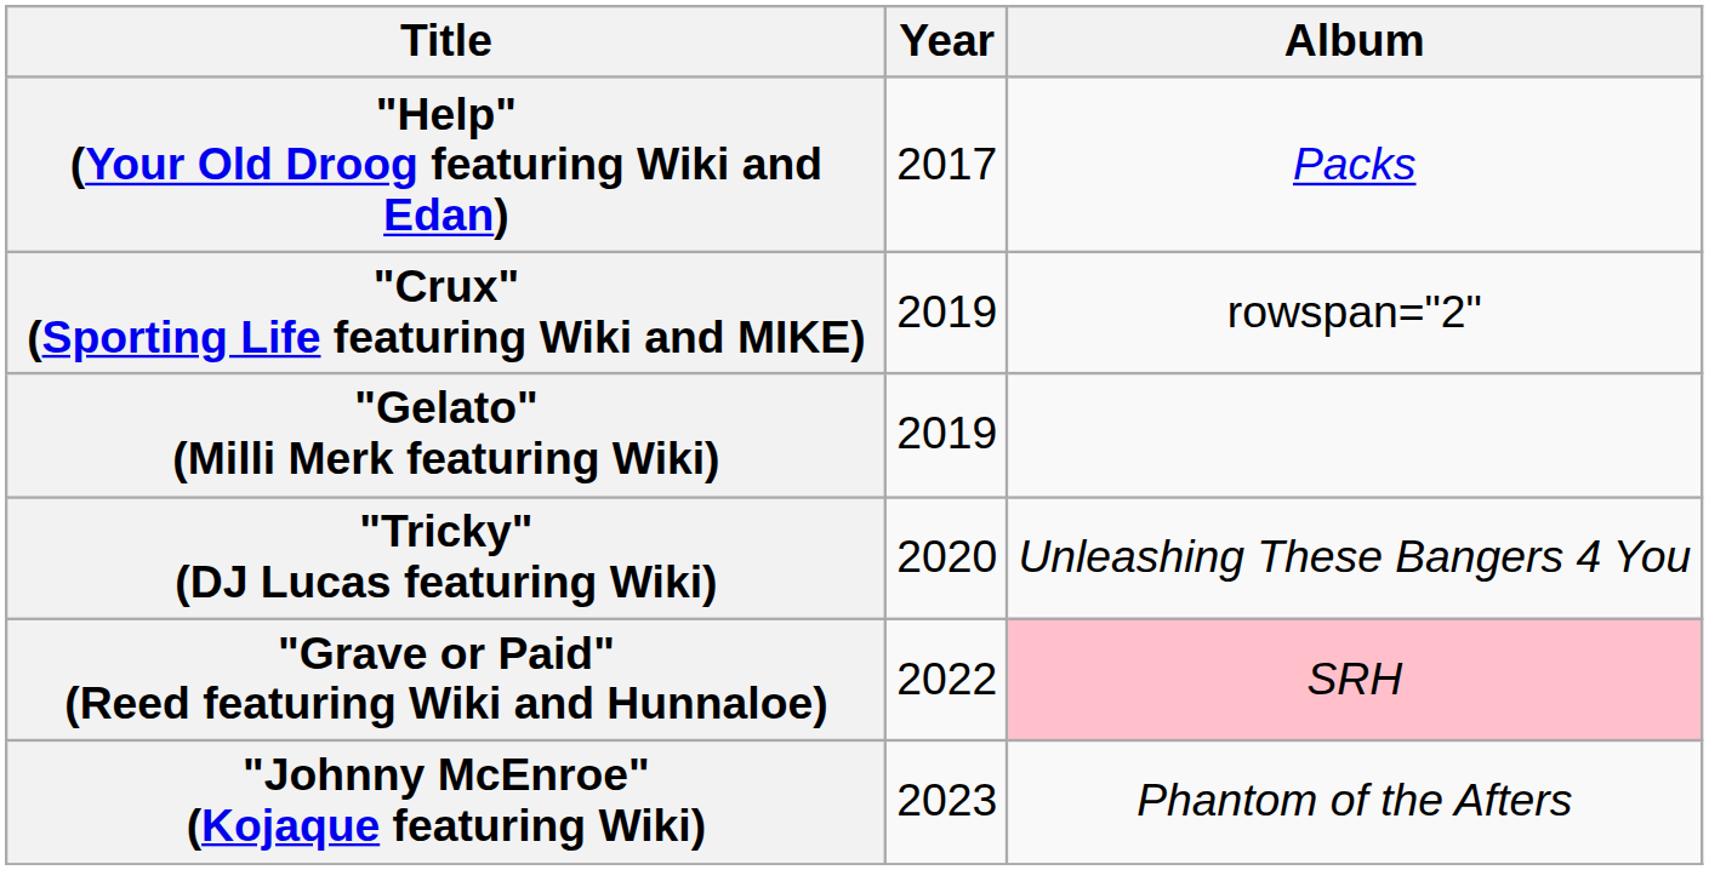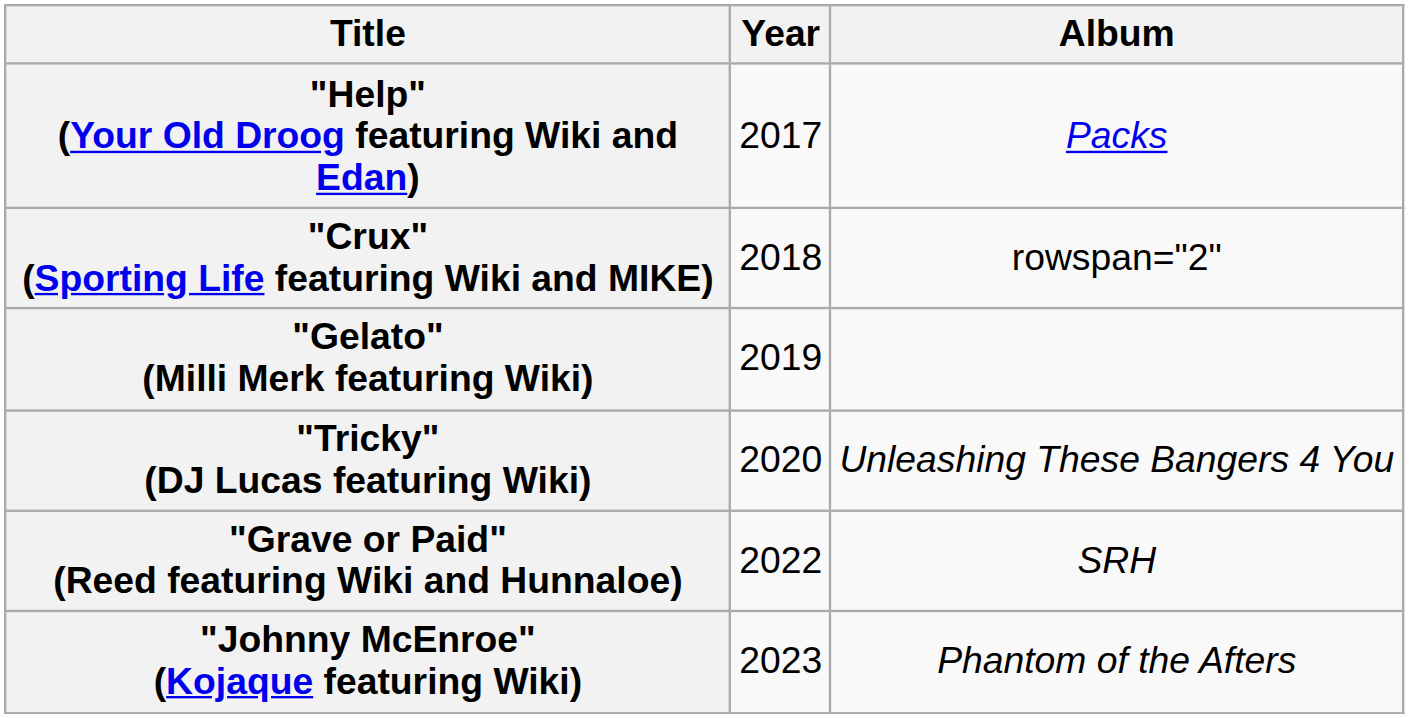 <table class="wikitable plainrowheaders" style="text-align:center;">
 <tr>
 <th scope="col" style="width:19em;">Title</th>
 <th scope="col">Year</th>
 <th>Album</th>
 </tr>
 <tr>
 <th scope="row">"Help"<br><span>(<a href='#'>Your Old Droog</a> featuring Wiki and <a href='#'>Edan</a>)</span></th>
 <td>2017</td>
 <td><em><a href='#'>Packs</a></em></td>
 </tr>
 <tr>
 <th scope="row">"Crux"<br><span>(<a href='#'>Sporting Life</a> featuring Wiki and MIKE)</span></th>
-<td>2019</td>
+<td>2018</td>
 <td>rowspan="2" </td>
 </tr>
 <tr>
 <th scope="row">"Gelato"<br><span>(Milli Merk featuring Wiki)</span></th>
 <td>2019</td>
 </tr>
 <tr>
 <th scope="row">"Tricky"<br><span>(DJ Lucas featuring Wiki)</span></th>
 <td>2020</td>
 <td><em>Unleashing These Bangers 4 You</em></td>
 </tr>
 <tr>
 <th scope="row">"Grave or Paid"<br><span>(Reed featuring Wiki and Hunnaloe)</span></th>
 <td>2022</td>
-<td style="background: pink;"><em>SRH</em></td>
+<td><em>SRH</em></td>
 </tr>
 <tr>
 <th scope="row">"Johnny McEnroe"<br><span>(<a href='#'>Kojaque</a> featuring Wiki)</span></th>
 <td>2023</td>
 <td><em>Phantom of the Afters</em></td>
 </tr>
 <tr>
 </tr>
 </table>
